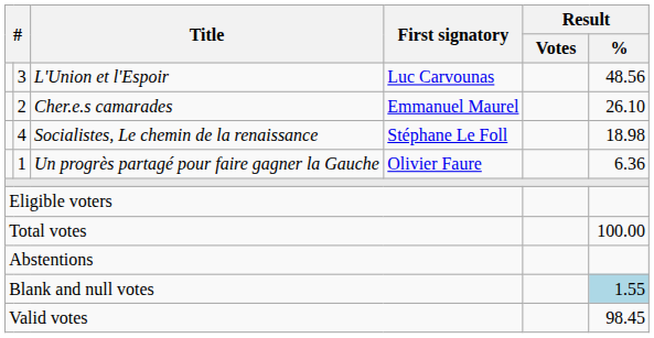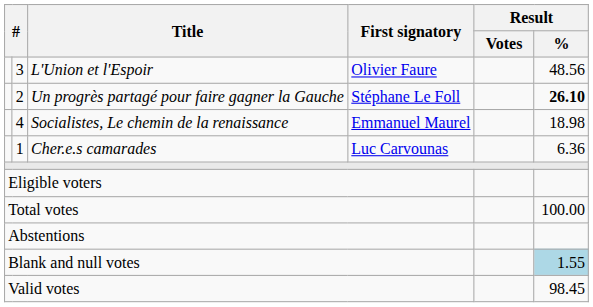 <table class="wikitable" style="font-size:95%;">
 <tr>
 <th colspan="2" rowspan="2">#</th>
 <th rowspan="2">Title</th>
 <th rowspan="2">First signatory</th>
 <th colspan="2">Result</th>
 </tr>
 <tr>
 <th style="width:50px;">Votes</th>
 <th style="width:45px;">%</th>
 </tr>
 <tr>
 <td style="background:"></td>
 <td>3</td>
 <td><em>L'Union et l'Espoir</em></td>
-<td><a href='#'>Luc Carvounas</a></td>
+<td><a href='#'>Olivier Faure</a></td>
 <td style="text-align:right;"></td>
 <td style="text-align:right;">48.56</td>
 </tr>
 <tr>
 <td style="background:"></td>
 <td>2</td>
-<td><em>Cher.e.s camarades</em></td>
-<td><a href='#'>Emmanuel Maurel</a></td>
+<td><em>Un progrès partagé pour faire gagner la Gauche</em></td>
+<td><a href='#'>Stéphane Le Foll</a></td>
 <td style="text-align:right;"></td>
-<td style="text-align:right;">26.10</td>
+<td style="text-align:right;"><strong>26.10</strong></td>
 </tr>
 <tr>
 <td style="background:"></td>
 <td>4</td>
 <td><em>Socialistes, Le chemin de la renaissance</em></td>
-<td><a href='#'>Stéphane Le Foll</a></td>
+<td><a href='#'>Emmanuel Maurel</a></td>
 <td style="text-align:right;"></td>
 <td style="text-align:right;">18.98</td>
 </tr>
 <tr>
 <td style="background:"></td>
 <td>1</td>
-<td><em>Un progrès partagé pour faire gagner la Gauche</em></td>
-<td><a href='#'>Olivier Faure</a></td>
+<td><em>Cher.e.s camarades</em></td>
+<td><a href='#'>Luc Carvounas</a></td>
 <td style="text-align:right;"></td>
 <td style="text-align:right;">6.36</td>
 </tr>
 <tr>
 <td style="background:#E9E9E9;" colspan="6"></td>
 </tr>
 <tr>
 <td colspan="4">Eligible voters</td>
 <td></td>
 <td></td>
 </tr>
 <tr>
 <td colspan="4">Total votes</td>
 <td style="text-align:right;"></td>
 <td style="text-align:right;">100.00</td>
 </tr>
 <tr>
 <td colspan="4">Abstentions</td>
 <td></td>
 <td></td>
 </tr>
 <tr>
 <td colspan="4">Blank and null votes</td>
 <td style="text-align:right;"></td>
 <td style="background: lightblue; text-align:right;">1.55</td>
 </tr>
 <tr>
 <td colspan="4">Valid votes</td>
 <td style="text-align:right;"></td>
 <td style="text-align:right;">98.45</td>
 </tr>
 </table>
